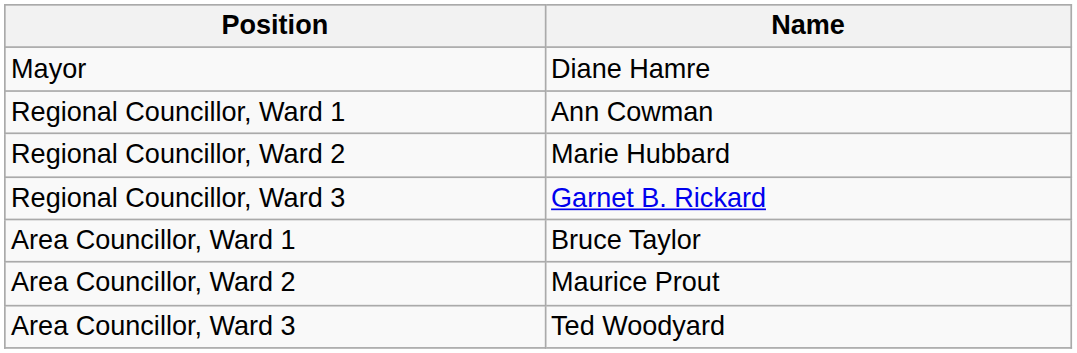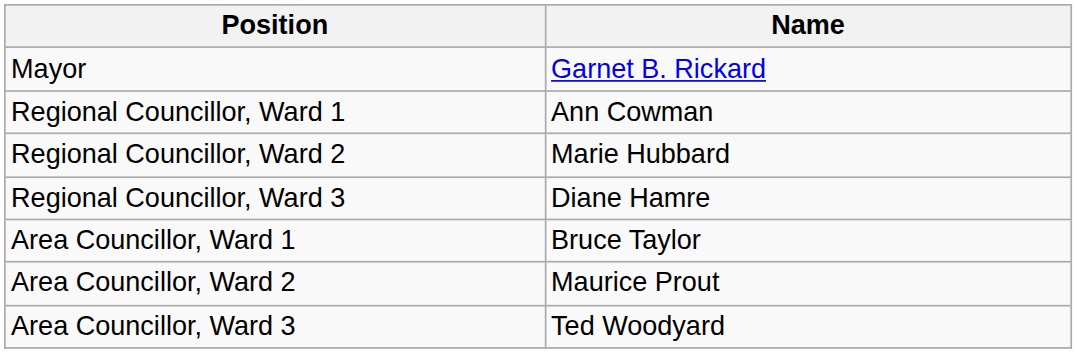 <table class="wikitable" style="width:50%;">
 <tr>
 <th bgcolor="#DDDDFF" width="50px">Position</th>
 <th bgcolor="#DDDDFF" width="50px">Name</th>
 </tr>
 <tr>
 <td>Mayor</td>
-<td>Diane Hamre</td>
+<td><a href='#'>Garnet B. Rickard</a></td>
 </tr>
 <tr>
 <td>Regional Councillor, Ward 1</td>
 <td>Ann Cowman</td>
 </tr>
 <tr>
 <td>Regional Councillor, Ward 2</td>
 <td>Marie Hubbard</td>
 </tr>
 <tr>
 <td>Regional Councillor, Ward 3</td>
-<td><a href='#'>Garnet B. Rickard</a></td>
+<td>Diane Hamre</td>
 </tr>
 <tr>
 <td>Area Councillor, Ward 1</td>
 <td>Bruce Taylor</td>
 </tr>
 <tr>
 <td>Area Councillor, Ward 2</td>
 <td>Maurice Prout</td>
 </tr>
 <tr>
 <td>Area Councillor, Ward 3</td>
 <td>Ted Woodyard</td>
 </tr>
 </table>
